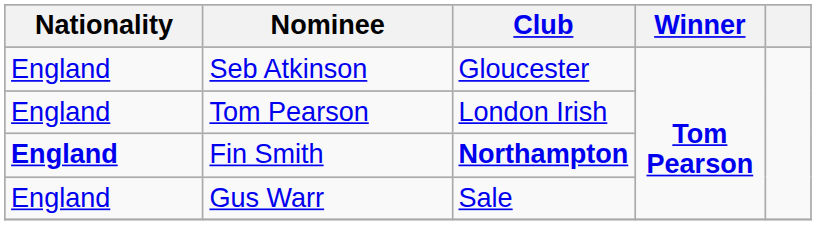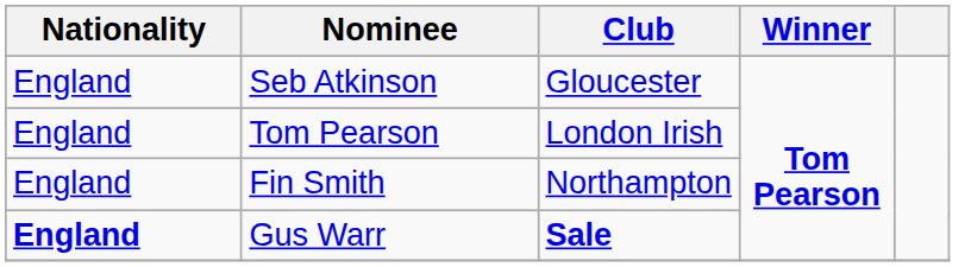 <table class="wikitable">
 <tr>
 <th width=110>Nationality</th>
 <th width=140>Nominee</th>
 <th width=80><a href='#'>Club</a></th>
 <th width=70><a href='#'>Winner</a></th>
 <th width=20></th>
 </tr>
 <tr>
 <td> <a href='#'>England</a></td>
 <td><a href='#'>Seb Atkinson</a></td>
 <td><a href='#'>Gloucester</a></td>
 <td rowspan=4 align=center><br><strong><a href='#'>Tom Pearson</a></strong></td>
 <td rowspan=4 align=center></td>
 </tr>
 <tr>
 <td> <a href='#'>England</a></td>
 <td><a href='#'>Tom Pearson</a></td>
 <td><a href='#'>London Irish</a></td>
 </tr>
 <tr>
-<td><strong> <a href='#'>England</a></strong></td>
+<td> <a href='#'>England</a></td>
 <td><a href='#'>Fin Smith</a></td>
-<td><strong><a href='#'>Northampton</a></strong></td>
+<td><a href='#'>Northampton</a></td>
 </tr>
 <tr>
-<td> <a href='#'>England</a></td>
+<td><strong> <a href='#'>England</a></strong></td>
 <td><a href='#'>Gus Warr</a></td>
-<td><a href='#'>Sale</a></td>
+<td><strong><a href='#'>Sale</a></strong></td>
 </tr>
 <tr>
 </tr>
 </table>
